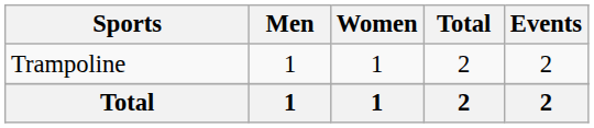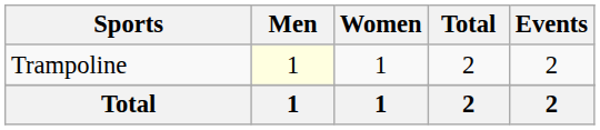 <table class="wikitable sortable" style="text-align:center;">
 <tr>
 <th width=150>Sports</th>
 <th width=45>Men</th>
 <th width=45>Women</th>
 <th width=45>Total</th>
 <th width=45>Events</th>
 </tr>
 <tr>
 <td align=left>Trampoline</td>
-<td>1</td>
+<td style="background: lightyellow;">1</td>
 <td>1</td>
 <td>2</td>
 <td>2</td>
 </tr>
 <tr>
 </tr>
 <tr class="sortbottom">
 <th>Total</th>
 <th>1</th>
 <th>1</th>
 <th>2</th>
 <th>2</th>
 </tr>
 </table>
